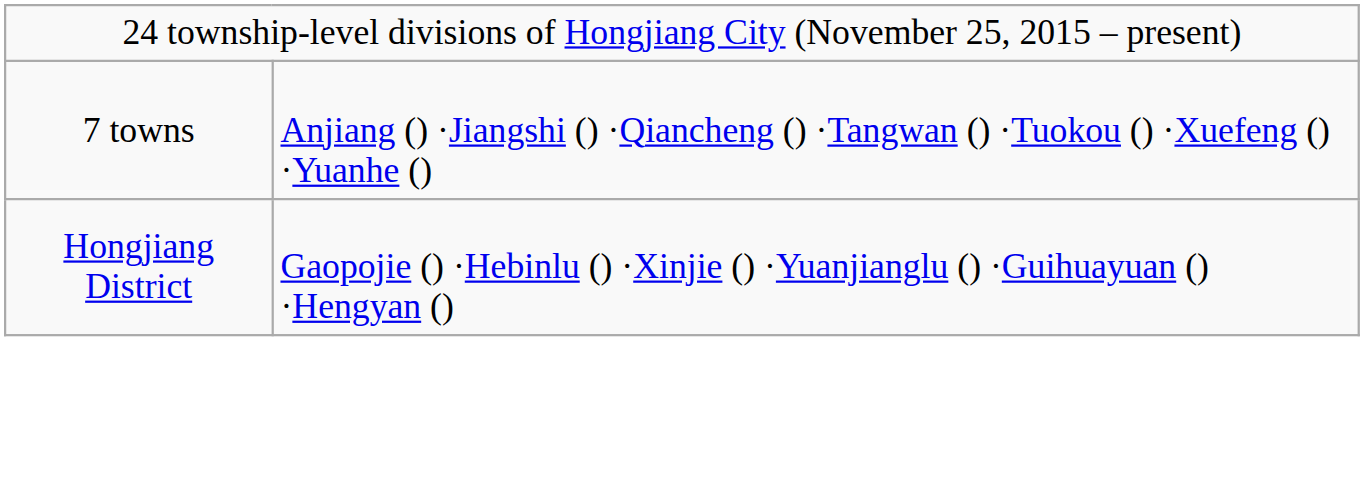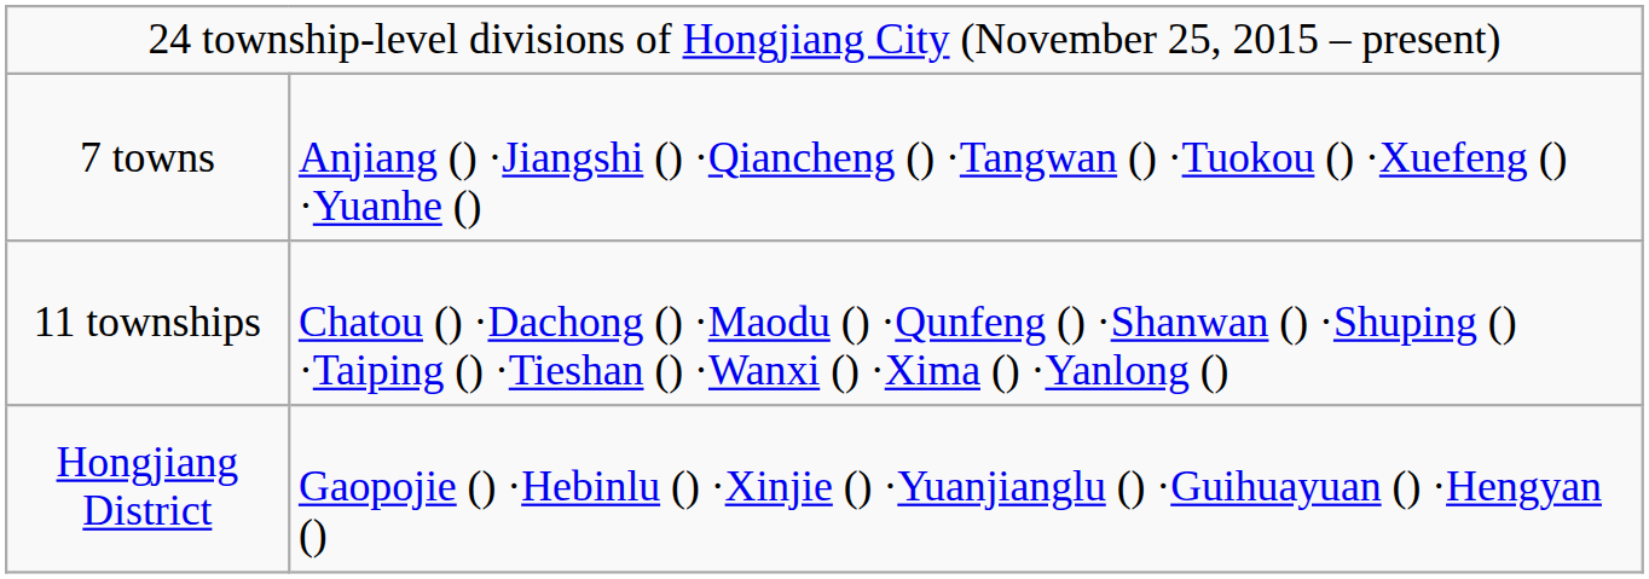 <table class="wikitable">
 <tr>
 <td style="text-align:center;" colspan="2">24 township-level divisions of <a href='#'>Hongjiang City</a> (November 25, 2015 – present)</td>
 </tr>
 <tr align=left>
 <td align=center>7 towns</td>
 <td><br><a href='#'>Anjiang</a> () ·<a href='#'>Jiangshi</a> () ·<a href='#'>Qiancheng</a> () ·<a href='#'>Tangwan</a> () ·<a href='#'>Tuokou</a> () ·<a href='#'>Xuefeng</a> () ·<a href='#'>Yuanhe</a> ()</td>
 </tr>
 <tr align=left>
+<td align=center>11 townships</td>
+<td><br><a href='#'>Chatou</a> () ·<a href='#'>Dachong</a> () ·<a href='#'>Maodu</a> () ·<a href='#'>Qunfeng</a> () ·<a href='#'>Shanwan</a> () ·<a href='#'>Shuping</a> () ·<a href='#'>Taiping</a> () ·<a href='#'>Tieshan</a> () ·<a href='#'>Wanxi</a> () ·<a href='#'>Xima</a> () ·<a href='#'>Yanlong</a> ()</td>
+</tr>
+<tr align=left>
 <td align=center><a href='#'>Hongjiang District</a></td>
 <td><br><a href='#'>Gaopojie</a> () ·<a href='#'>Hebinlu</a> () ·<a href='#'>Xinjie</a> () ·<a href='#'>Yuanjianglu</a> () ·<a href='#'>Guihuayuan</a> () ·<a href='#'>Hengyan</a> ()</td>
 </tr>
 </table>
